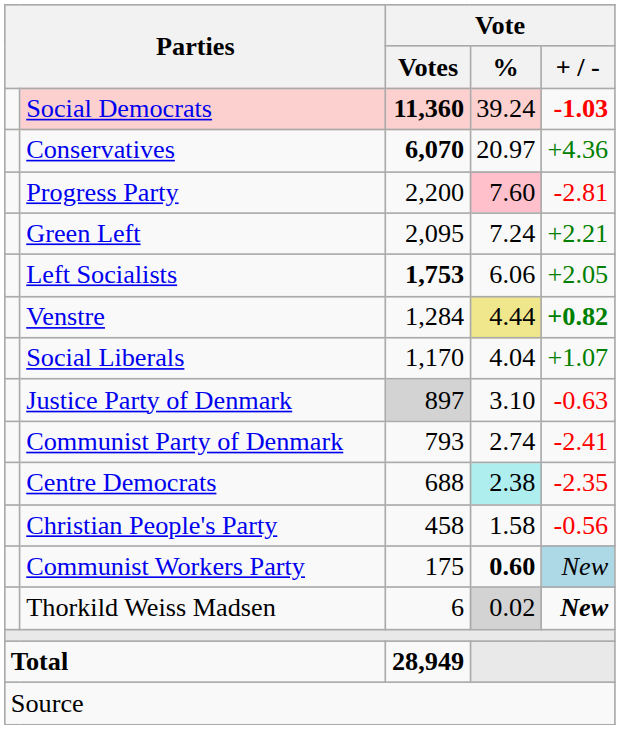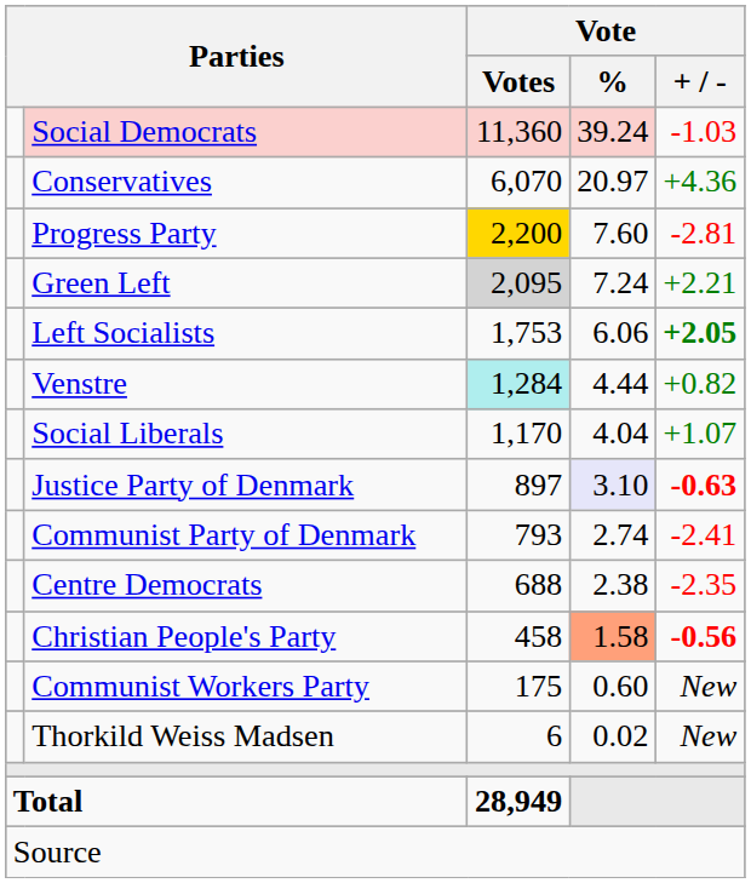 <table class="wikitable" style="text-align:right;">
 <tr>
 <th style="text-align:centre;" rowspan="2" colspan="2" width="225">Parties</th>
 <th colspan="3">Vote</th>
 </tr>
 <tr>
 <th width="15">Votes</th>
 <th width="15">%</th>
 <th width="15">+ / -</th>
 </tr>
 <tr>
 <td width="2" style="color:inherit;background:"></td>
 <td bgcolor=#fbd0ce  align="left"><a href='#'>Social Democrats</a></td>
-<td bgcolor=#fbd0ce><strong>11,360</strong></td>
+<td bgcolor=#fbd0ce>11,360</td>
 <td bgcolor=#fbd0ce>39.24</td>
-<td style=color:red;><strong>-1.03</strong></td>
+<td style=color:red;>-1.03</td>
 </tr>
 <tr>
 <td width="2" style="color:inherit;background:"></td>
 <td align="left"><a href='#'>Conservatives</a></td>
-<td><strong>6,070</strong></td>
+<td>6,070</td>
 <td>20.97</td>
 <td style=color:green;>+4.36</td>
 </tr>
 <tr>
 <td width="2" style="color:inherit;background:"></td>
 <td align="left"><a href='#'>Progress Party</a></td>
-<td>2,200</td>
-<td style="background: pink;">7.60</td>
+<td style="background: gold;">2,200</td>
+<td>7.60</td>
 <td style=color:red;>-2.81</td>
 </tr>
 <tr>
 <td width="2" style="color:inherit;background:"></td>
 <td align="left"><a href='#'>Green Left</a></td>
-<td>2,095</td>
+<td style="background: lightgrey;">2,095</td>
 <td>7.24</td>
 <td style=color:green;>+2.21</td>
 </tr>
 <tr>
 <td width="2" style="color:inherit;background:"></td>
 <td align="left"><a href='#'>Left Socialists</a></td>
-<td><strong>1,753</strong></td>
+<td>1,753</td>
 <td>6.06</td>
-<td style=color:green;>+2.05</td>
+<td style=color:green;><strong>+2.05</strong></td>
 </tr>
 <tr>
 <td width="2" style="color:inherit;background:"></td>
 <td align="left"><a href='#'>Venstre</a></td>
-<td>1,284</td>
-<td style="background: khaki;">4.44</td>
-<td style=color:green;><strong>+0.82</strong></td>
+<td style="background: paleturquoise;">1,284</td>
+<td>4.44</td>
+<td style=color:green;>+0.82</td>
 </tr>
 <tr>
 <td width="2" style="color:inherit;background:"></td>
 <td align="left"><a href='#'>Social Liberals</a></td>
 <td>1,170</td>
 <td>4.04</td>
 <td style=color:green;>+1.07</td>
 </tr>
 <tr>
 <td width="2" style="color:inherit;background:"></td>
 <td align="left"><a href='#'>Justice Party of Denmark</a></td>
-<td style="background: lightgrey;">897</td>
-<td>3.10</td>
-<td style=color:red;>-0.63</td>
+<td>897</td>
+<td style="background: lavender;">3.10</td>
+<td style=color:red;><strong>-0.63</strong></td>
 </tr>
 <tr>
 <td width="2" style="color:inherit;background:"></td>
 <td align="left"><a href='#'>Communist Party of Denmark</a></td>
 <td>793</td>
 <td>2.74</td>
 <td style=color:red;>-2.41</td>
 </tr>
 <tr>
 <td width="2" style="color:inherit;background:"></td>
 <td align="left"><a href='#'>Centre Democrats</a></td>
 <td>688</td>
-<td style="background: paleturquoise;">2.38</td>
+<td>2.38</td>
 <td style=color:red;>-2.35</td>
 </tr>
 <tr>
 <td width="2" style="color:inherit;background:"></td>
 <td align="left"><a href='#'>Christian People's Party</a></td>
 <td>458</td>
-<td>1.58</td>
-<td style=color:red;>-0.56</td>
+<td style="background: lightsalmon;">1.58</td>
+<td style=color:red;><strong>-0.56</strong></td>
 </tr>
 <tr>
 <td width="2" style="color:inherit;background:"></td>
 <td align="left"><a href='#'>Communist Workers Party</a></td>
 <td>175</td>
-<td><strong>0.60</strong></td>
-<td style="background: lightblue;"><em>New</em></td>
+<td>0.60</td>
+<td><em>New</em></td>
 </tr>
 <tr>
 <td width="2" style="color:inherit;background:"></td>
 <td align="left">Thorkild Weiss Madsen</td>
 <td>6</td>
-<td style="background: lightgrey;">0.02</td>
-<td><strong><em>New</em></strong></td>
+<td>0.02</td>
+<td><em>New</em></td>
 </tr>
 <tr>
 <td colspan="7" bgcolor="#E9E9E9"></td>
 </tr>
 <tr>
 <td align="left" colspan="2"><strong>Total</strong></td>
 <td><strong>28,949</strong></td>
 <td bgcolor="#E9E9E9" colspan="2"></td>
 </tr>
 <tr>
 <td align="left" colspan="6">Source</td>
 </tr>
 </table>
